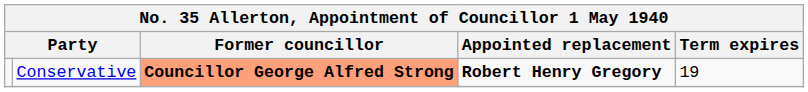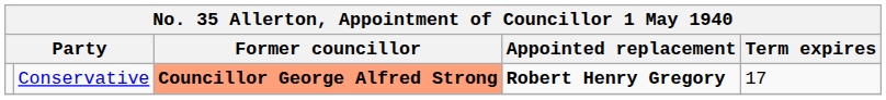 <table class="wikitable">
 <tr>
 <th colspan="5"><strong>No. 35 Allerton, Appointment of Councillor 1 May 1940</strong></th>
 </tr>
 <tr>
 <th colspan="2">Party</th>
 <th>Former councillor</th>
 <th>Appointed replacement</th>
 <th>Term expires</th>
 </tr>
 <tr>
 <td style="background-color:"></td>
 <td><a href='#'>Conservative</a></td>
 <td style="background: lightsalmon;"><strong>Councillor George Alfred Strong</strong></td>
 <td><strong>Robert Henry Gregory</strong></td>
-<td>19</td>
+<td>17</td>
 </tr>
 <tr>
 </tr>
 </table>
